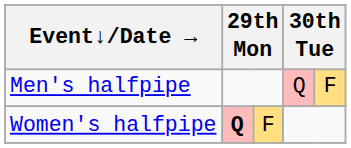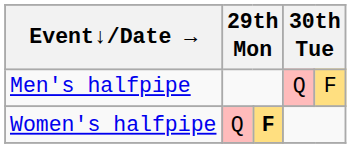 <table class="wikitable" style="margin:0.5em auto; font-size:90%; line-height:1.25em; text-align:center;">
 <tr>
 <th>Event↓/Date →</th>
 <th colspan=2>29th<br>Mon</th>
 <th colspan=2>30th<br>Tue</th>
 </tr>
 <tr>
 <td align="left"><a href='#'>Men's halfpipe</a></td>
 <td colspan=2></td>
 <td bgcolor="#FFBBBB">Q</td>
 <td bgcolor="#FFDF80">F</td>
 </tr>
 <tr>
 <td align="left"><a href='#'>Women's halfpipe</a></td>
-<td bgcolor="#FFBBBB"><strong>Q</strong></td>
-<td bgcolor="#FFDF80">F</td>
+<td bgcolor="#FFBBBB">Q</td>
+<td bgcolor="#FFDF80"><strong>F</strong></td>
 <td colspan=2></td>
 </tr>
 </table>
